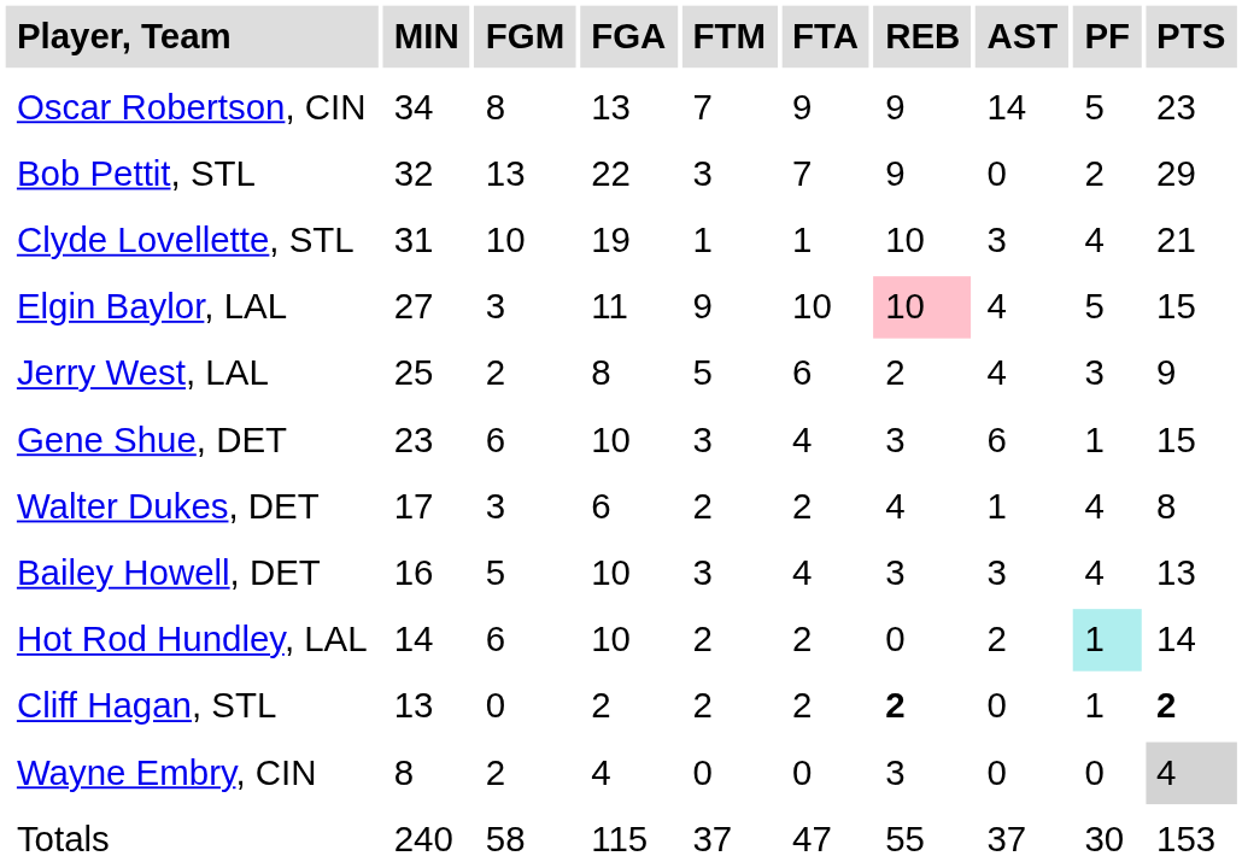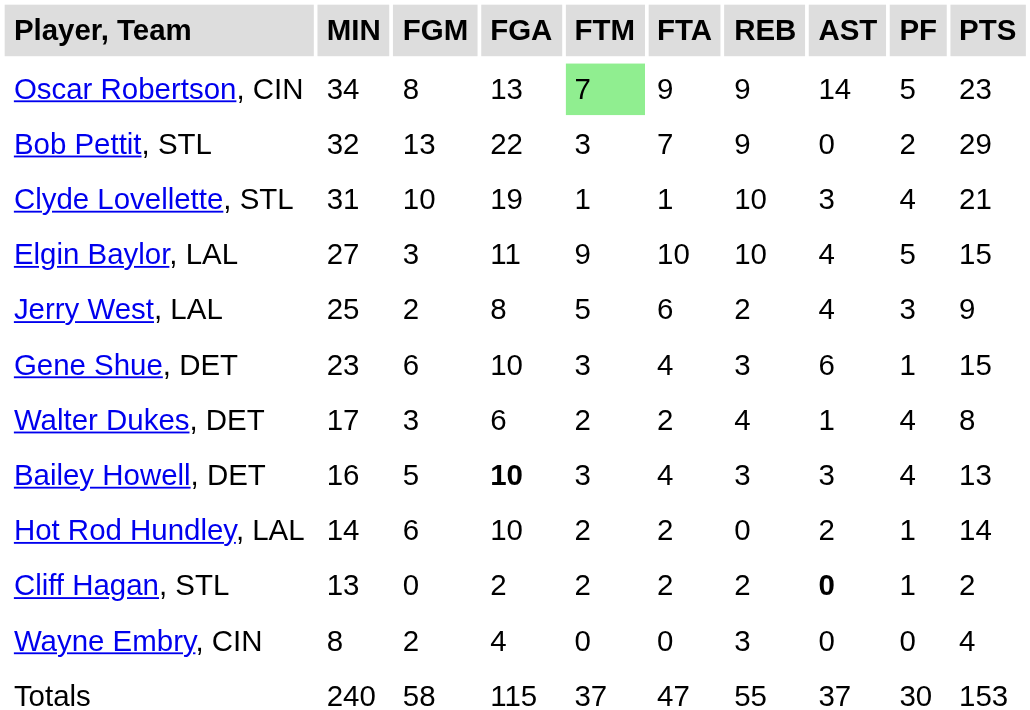 <table cellpadding=5>
 <tr bgcolor="#dddddd">
 <td><strong>Player, Team</strong></td>
 <td><strong>MIN</strong></td>
 <td><strong>FGM</strong></td>
 <td><strong>FGA</strong></td>
 <td><strong>FTM</strong></td>
 <td><strong>FTA</strong></td>
 <td><strong>REB</strong></td>
 <td><strong>AST</strong></td>
 <td><strong>PF</strong></td>
 <td><strong>PTS</strong></td>
 </tr>
 <tr bgcolor="#eeeeee">
 </tr>
 <tr>
 <td><a href='#'>Oscar Robertson</a>, CIN</td>
 <td>34</td>
 <td>8</td>
 <td>13</td>
-<td>7</td>
+<td style="background: lightgreen;">7</td>
 <td>9</td>
 <td>9</td>
 <td>14</td>
 <td>5</td>
 <td>23</td>
 </tr>
 <tr>
 <td><a href='#'>Bob Pettit</a>, STL</td>
 <td>32</td>
 <td>13</td>
 <td>22</td>
 <td>3</td>
 <td>7</td>
 <td>9</td>
 <td>0</td>
 <td>2</td>
 <td>29</td>
 </tr>
 <tr>
 <td><a href='#'>Clyde Lovellette</a>, STL</td>
 <td>31</td>
 <td>10</td>
 <td>19</td>
 <td>1</td>
 <td>1</td>
 <td>10</td>
 <td>3</td>
 <td>4</td>
 <td>21</td>
 </tr>
 <tr>
 <td><a href='#'>Elgin Baylor</a>, LAL</td>
 <td>27</td>
 <td>3</td>
 <td>11</td>
 <td>9</td>
 <td>10</td>
-<td style="background: pink;">10</td>
+<td>10</td>
 <td>4</td>
 <td>5</td>
 <td>15</td>
 </tr>
 <tr>
 <td><a href='#'>Jerry West</a>, LAL</td>
 <td>25</td>
 <td>2</td>
 <td>8</td>
 <td>5</td>
 <td>6</td>
 <td>2</td>
 <td>4</td>
 <td>3</td>
 <td>9</td>
 </tr>
 <tr>
 <td><a href='#'>Gene Shue</a>, DET</td>
 <td>23</td>
 <td>6</td>
 <td>10</td>
 <td>3</td>
 <td>4</td>
 <td>3</td>
 <td>6</td>
 <td>1</td>
 <td>15</td>
 </tr>
 <tr>
 <td><a href='#'>Walter Dukes</a>, DET</td>
 <td>17</td>
 <td>3</td>
 <td>6</td>
 <td>2</td>
 <td>2</td>
 <td>4</td>
 <td>1</td>
 <td>4</td>
 <td>8</td>
 </tr>
 <tr>
 <td><a href='#'>Bailey Howell</a>, DET</td>
 <td>16</td>
 <td>5</td>
-<td>10</td>
+<td><strong>10</strong></td>
 <td>3</td>
 <td>4</td>
 <td>3</td>
 <td>3</td>
 <td>4</td>
 <td>13</td>
 </tr>
 <tr>
 <td><a href='#'>Hot Rod Hundley</a>, LAL</td>
 <td>14</td>
 <td>6</td>
 <td>10</td>
 <td>2</td>
 <td>2</td>
 <td>0</td>
 <td>2</td>
-<td style="background: paleturquoise;">1</td>
+<td>1</td>
 <td>14</td>
 </tr>
 <tr>
 <td><a href='#'>Cliff Hagan</a>, STL</td>
 <td>13</td>
 <td>0</td>
 <td>2</td>
 <td>2</td>
 <td>2</td>
-<td><strong>2</strong></td>
-<td>0</td>
+<td>2</td>
+<td><strong>0</strong></td>
 <td>1</td>
-<td><strong>2</strong></td>
+<td>2</td>
 </tr>
 <tr>
 <td><a href='#'>Wayne Embry</a>, CIN</td>
 <td>8</td>
 <td>2</td>
 <td>4</td>
 <td>0</td>
 <td>0</td>
 <td>3</td>
 <td>0</td>
 <td>0</td>
-<td style="background: lightgrey;">4</td>
+<td>4</td>
 </tr>
 <tr>
 <td>Totals</td>
 <td>240</td>
 <td>58</td>
 <td>115</td>
 <td>37</td>
 <td>47</td>
 <td>55</td>
 <td>37</td>
 <td>30</td>
 <td>153</td>
 </tr>
 <tr>
 </tr>
 </table>
